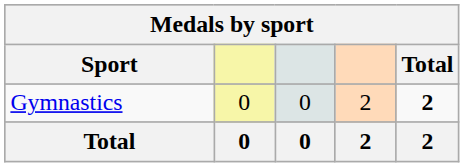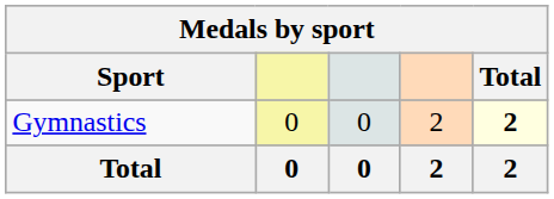 <table class="wikitable" style="font-size:90%; text-align:center;">
 <tr>
 <th colspan=5>Medals by sport</th>
 </tr>
 <tr>
 <th width=120>Sport</th>
 <th scope="col" width=30 style="background:#F7F6A8;"></th>
 <th scope="col" width=30 style="background:#DCE5E5;"></th>
 <th scope="col" width=30 style="background:#FFDAB9;"></th>
 <th width=30>Total</th>
 </tr>
 <tr>
 <td align=left><a href='#'>Gymnastics</a></td>
 <td style="background:#F7F6A8;">0</td>
 <td style="background:#DCE5E5;">0</td>
 <td style="background:#FFDAB9;">2</td>
-<td><strong>2</strong></td>
+<td style="background: lightyellow;"><strong>2</strong></td>
 </tr>
 <tr class="sortbottom">
 <th>Total</th>
 <th>0</th>
 <th>0</th>
 <th>2</th>
 <th>2</th>
 </tr>
 </table>
